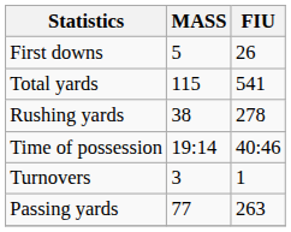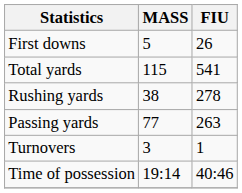 <table class="wikitable">
 <tr>
 <th>Statistics</th>
 <th>MASS</th>
 <th>FIU</th>
 </tr>
 <tr>
 <td>First downs</td>
 <td>5</td>
 <td>26</td>
 </tr>
 <tr>
 <td>Total yards</td>
 <td>115</td>
 <td>541</td>
 </tr>
 <tr>
 <td>Rushing yards</td>
 <td>38</td>
 <td>278</td>
 </tr>
 <tr>
-<td>Time of possession</td>
-<td>19:14</td>
-<td>40:46</td>
+<td>Passing yards</td>
+<td>77</td>
+<td>263</td>
 </tr>
 <tr>
 <td>Turnovers</td>
 <td>3</td>
 <td>1</td>
 </tr>
 <tr>
-<td>Passing yards</td>
-<td>77</td>
-<td>263</td>
+<td>Time of possession</td>
+<td>19:14</td>
+<td>40:46</td>
 </tr>
 <tr>
 </tr>
 </table>
